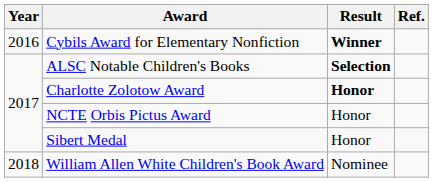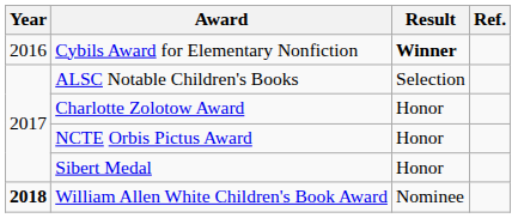 <table class="wikitable sortable mw-collapsible">
 <tr>
 <th>Year</th>
 <th>Award</th>
 <th>Result</th>
 <th>Ref.</th>
 </tr>
 <tr>
 <td>2016</td>
 <td><a href='#'>Cybils Award</a> for Elementary Nonfiction</td>
 <td><strong>Winner</strong></td>
 <td></td>
 </tr>
 <tr>
 <td rowspan="4">2017</td>
 <td><a href='#'>ALSC</a> Notable Children's Books</td>
-<td><strong>Selection</strong></td>
+<td>Selection</td>
 <td></td>
 </tr>
 <tr>
 <td><a href='#'>Charlotte Zolotow Award</a></td>
-<td><strong>Honor</strong></td>
+<td>Honor</td>
 <td></td>
 </tr>
 <tr>
 <td><a href='#'>NCTE</a> <a href='#'>Orbis Pictus Award</a></td>
 <td>Honor</td>
 <td></td>
 </tr>
 <tr>
 <td><a href='#'>Sibert Medal</a></td>
 <td>Honor</td>
 <td></td>
 </tr>
 <tr>
-<td>2018</td>
+<td><strong>2018</strong></td>
 <td><a href='#'>William Allen White Children's Book Award</a></td>
 <td>Nominee</td>
 <td></td>
 </tr>
 </table>
